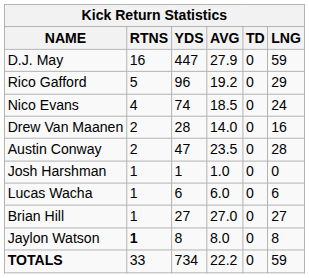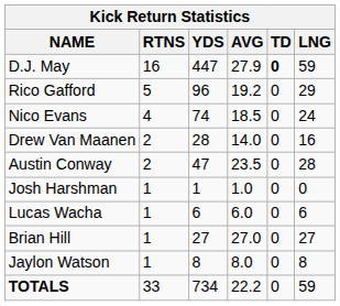 <table class="wikitable sortable collapsible collapsed">
 <tr>
 <th colspan="8">Kick Return Statistics</th>
 </tr>
 <tr>
 <th>NAME</th>
 <th>RTNS</th>
 <th>YDS</th>
 <th>AVG</th>
 <th>TD</th>
 <th>LNG</th>
 </tr>
 <tr>
 <td>D.J. May</td>
 <td>16</td>
 <td>447</td>
 <td>27.9</td>
-<td>0</td>
+<td><strong>0</strong></td>
 <td>59</td>
 </tr>
 <tr>
 <td>Rico Gafford</td>
 <td>5</td>
 <td>96</td>
 <td>19.2</td>
 <td>0</td>
 <td>29</td>
 </tr>
 <tr>
 <td>Nico Evans</td>
 <td>4</td>
 <td>74</td>
 <td>18.5</td>
 <td>0</td>
 <td>24</td>
 </tr>
 <tr>
 <td>Drew Van Maanen</td>
 <td>2</td>
 <td>28</td>
 <td>14.0</td>
 <td>0</td>
 <td>16</td>
 </tr>
 <tr>
 <td>Austin Conway</td>
 <td>2</td>
 <td>47</td>
 <td>23.5</td>
 <td>0</td>
 <td>28</td>
 </tr>
 <tr>
 <td>Josh Harshman</td>
 <td>1</td>
 <td>1</td>
 <td>1.0</td>
 <td>0</td>
 <td>0</td>
 </tr>
 <tr>
 <td>Lucas Wacha</td>
 <td>1</td>
 <td>6</td>
 <td>6.0</td>
 <td>0</td>
 <td>6</td>
 </tr>
 <tr>
 <td>Brian Hill</td>
 <td>1</td>
 <td>27</td>
 <td>27.0</td>
 <td>0</td>
 <td>27</td>
 </tr>
 <tr>
 <td>Jaylon Watson</td>
-<td><strong>1</strong></td>
+<td>1</td>
 <td>8</td>
 <td>8.0</td>
 <td>0</td>
 <td>8</td>
 </tr>
 <tr>
 <td><strong>TOTALS</strong></td>
 <td>33</td>
 <td>734</td>
 <td>22.2</td>
 <td>0</td>
 <td>59</td>
 </tr>
 </table>
